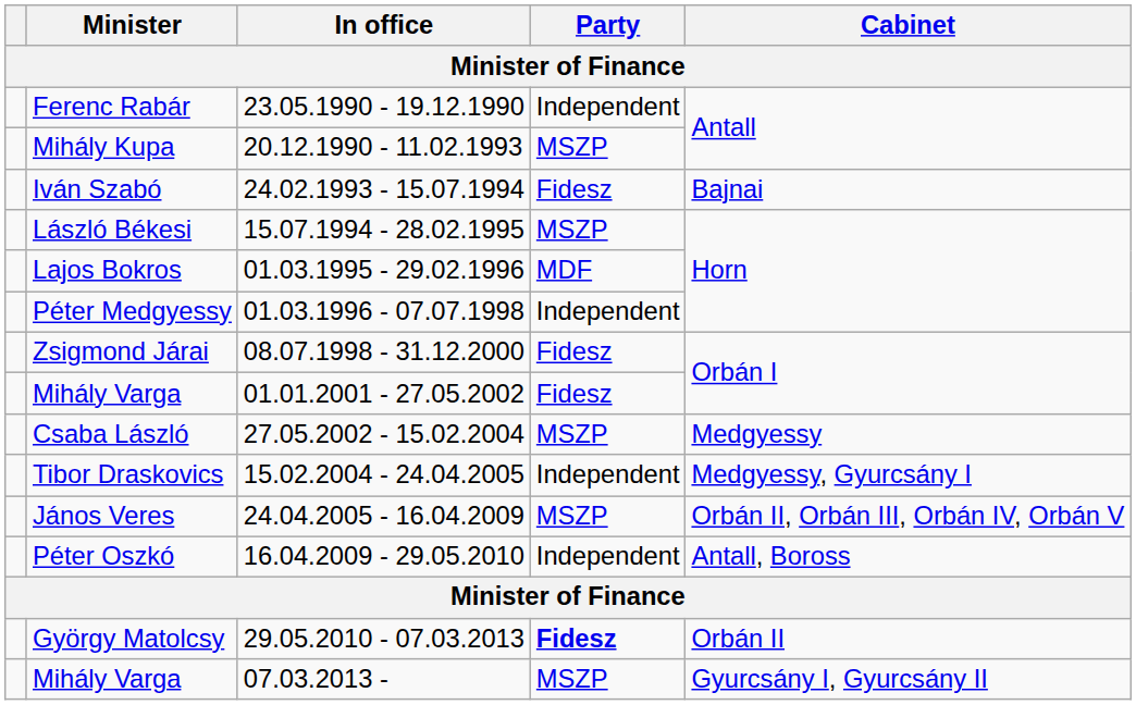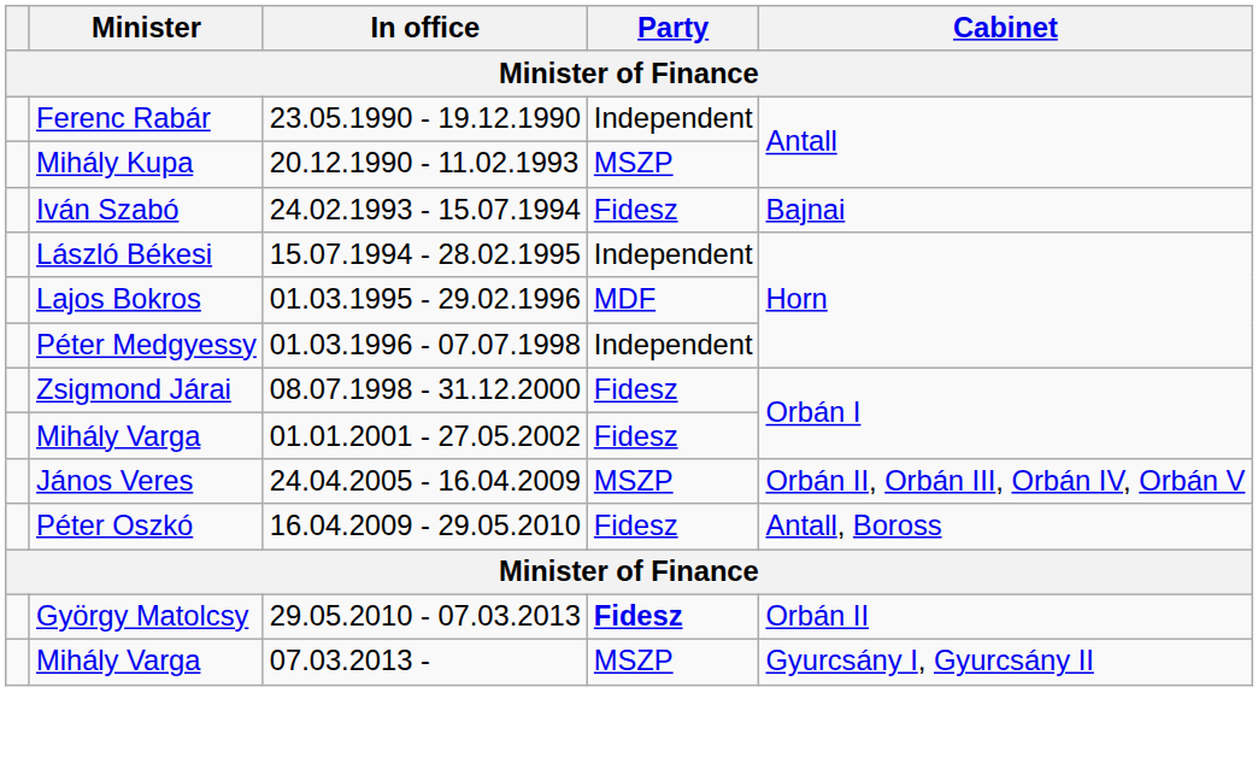 <table class="wikitable">
 <tr>
 <th class="unsortable" width=6px></th>
 <th>Minister</th>
 <th>In office</th>
 <th><a href='#'>Party</a></th>
 <th><a href='#'>Cabinet</a></th>
 </tr>
 <tr>
 <th colspan=5 style="text-align: center;" bgcolor=white>Minister of Finance</th>
 </tr>
 <tr>
 <td ! style="background:"></td>
 <td><a href='#'>Ferenc Rabár</a></td>
 <td>23.05.1990 - 19.12.1990</td>
 <td>Independent</td>
 <td rowspan="2"><a href='#'>Antall</a></td>
 </tr>
 <tr>
 <td ! style="background:"></td>
 <td><a href='#'>Mihály Kupa</a></td>
 <td>20.12.1990 - 11.02.1993</td>
 <td><a href='#'>MSZP</a></td>
 </tr>
 <tr>
 <td ! style="background:"></td>
 <td><a href='#'>Iván Szabó</a></td>
 <td>24.02.1993 - 15.07.1994</td>
 <td><a href='#'>Fidesz</a></td>
 <td><a href='#'>Bajnai</a></td>
 </tr>
 <tr>
 <td ! style="background:"></td>
 <td><a href='#'>László Békesi</a></td>
 <td>15.07.1994 - 28.02.1995</td>
-<td><a href='#'>MSZP</a></td>
+<td>Independent</td>
 <td rowspan="3"><a href='#'>Horn</a></td>
 </tr>
 <tr>
 <td ! style="background:"></td>
 <td><a href='#'>Lajos Bokros</a></td>
 <td>01.03.1995 - 29.02.1996</td>
 <td><a href='#'>MDF</a></td>
 </tr>
 <tr>
 <td ! style="background:"></td>
 <td><a href='#'>Péter Medgyessy</a></td>
 <td>01.03.1996 - 07.07.1998</td>
 <td>Independent</td>
 </tr>
 <tr>
 <td ! style="background:"></td>
 <td><a href='#'>Zsigmond Járai</a></td>
 <td>08.07.1998 - 31.12.2000</td>
 <td><a href='#'>Fidesz</a></td>
 <td rowspan="2"><a href='#'>Orbán I</a></td>
 </tr>
 <tr>
 <td ! style="background:"></td>
 <td><a href='#'>Mihály Varga</a></td>
 <td>01.01.2001 - 27.05.2002</td>
 <td><a href='#'>Fidesz</a></td>
 </tr>
 <tr>
 <td ! style="background:"></td>
-<td><a href='#'>Csaba László</a></td>
-<td>27.05.2002 - 15.02.2004</td>
-<td><a href='#'>MSZP</a></td>
-<td><a href='#'>Medgyessy</a></td>
-</tr>
-<tr>
-<td ! style="background:"></td>
-<td><a href='#'>Tibor Draskovics</a></td>
-<td>15.02.2004 - 24.04.2005</td>
-<td>Independent</td>
-<td><a href='#'>Medgyessy</a>, <a href='#'>Gyurcsány I</a></td>
-</tr>
-<tr>
-<td ! style="background:"></td>
 <td><a href='#'>János Veres</a></td>
 <td>24.04.2005 - 16.04.2009</td>
 <td><a href='#'>MSZP</a></td>
 <td><a href='#'>Orbán II</a>, <a href='#'>Orbán III</a>, <a href='#'>Orbán IV</a>, <a href='#'>Orbán V</a></td>
 </tr>
 <tr>
 <td ! style="background:"></td>
 <td><a href='#'>Péter Oszkó</a></td>
 <td>16.04.2009 - 29.05.2010</td>
-<td>Independent</td>
+<td><a href='#'>Fidesz</a></td>
 <td><a href='#'>Antall</a>, <a href='#'>Boross</a></td>
 </tr>
 <tr>
 <th colspan=5 style="text-align: center;" bgcolor=white>Minister of Finance</th>
 </tr>
 <tr>
 <td ! style="background:"></td>
 <td><a href='#'>György Matolcsy</a></td>
 <td>29.05.2010 - 07.03.2013</td>
 <td><strong><a href='#'>Fidesz</a></strong></td>
 <td><a href='#'>Orbán II</a></td>
 </tr>
 <tr>
 <td ! style="background:"></td>
 <td><a href='#'>Mihály Varga</a></td>
 <td>07.03.2013 -</td>
 <td><a href='#'>MSZP</a></td>
 <td><a href='#'>Gyurcsány I</a>, <a href='#'>Gyurcsány II</a></td>
 </tr>
 </table>
